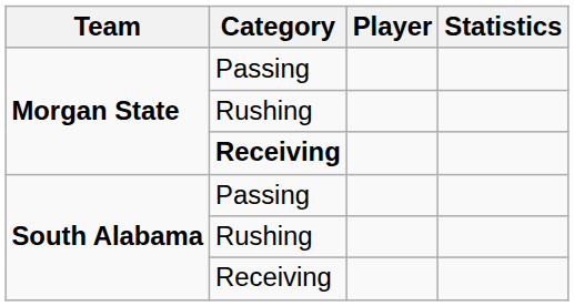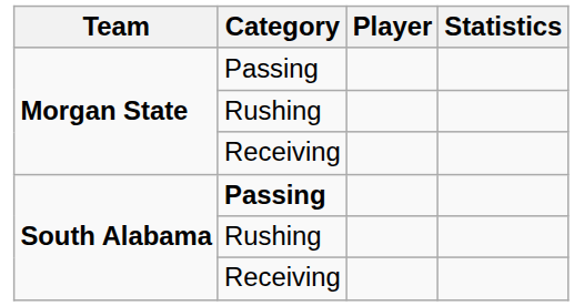 <table class="wikitable" style="float: right;">
 <tr>
 <th>Team</th>
 <th>Category</th>
 <th>Player</th>
 <th>Statistics</th>
 </tr>
 <tr>
 <td rowspan=3><strong>Morgan State</strong></td>
 <td>Passing</td>
 <td></td>
 <td></td>
 </tr>
 <tr>
 <td>Rushing</td>
 <td></td>
 <td></td>
 </tr>
 <tr>
-<td><strong>Receiving</strong></td>
+<td>Receiving</td>
 <td></td>
 <td></td>
 </tr>
 <tr>
 <td rowspan=3><strong>South Alabama</strong></td>
-<td>Passing</td>
+<td><strong>Passing</strong></td>
 <td></td>
 <td></td>
 </tr>
 <tr>
 <td>Rushing</td>
 <td></td>
 <td></td>
 </tr>
 <tr>
 <td>Receiving</td>
 <td></td>
 <td></td>
 </tr>
 </table>
